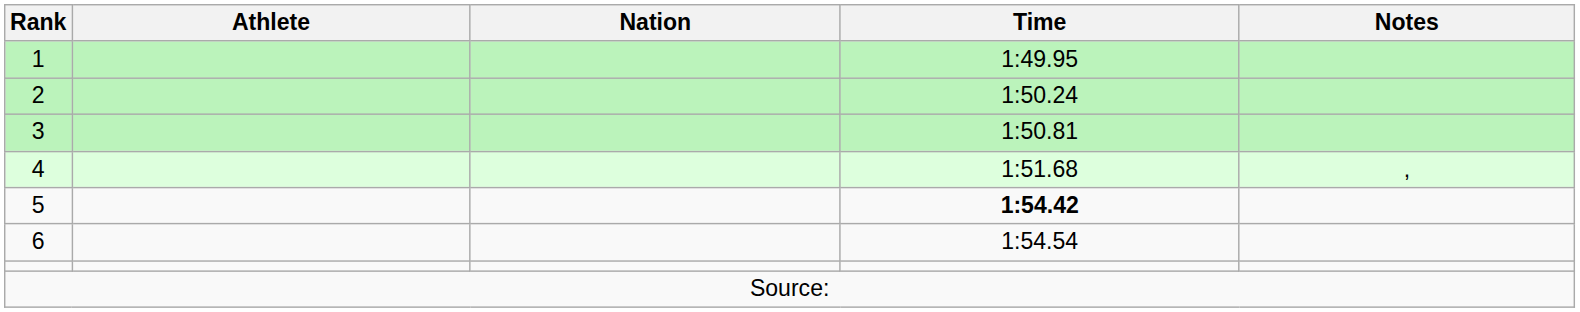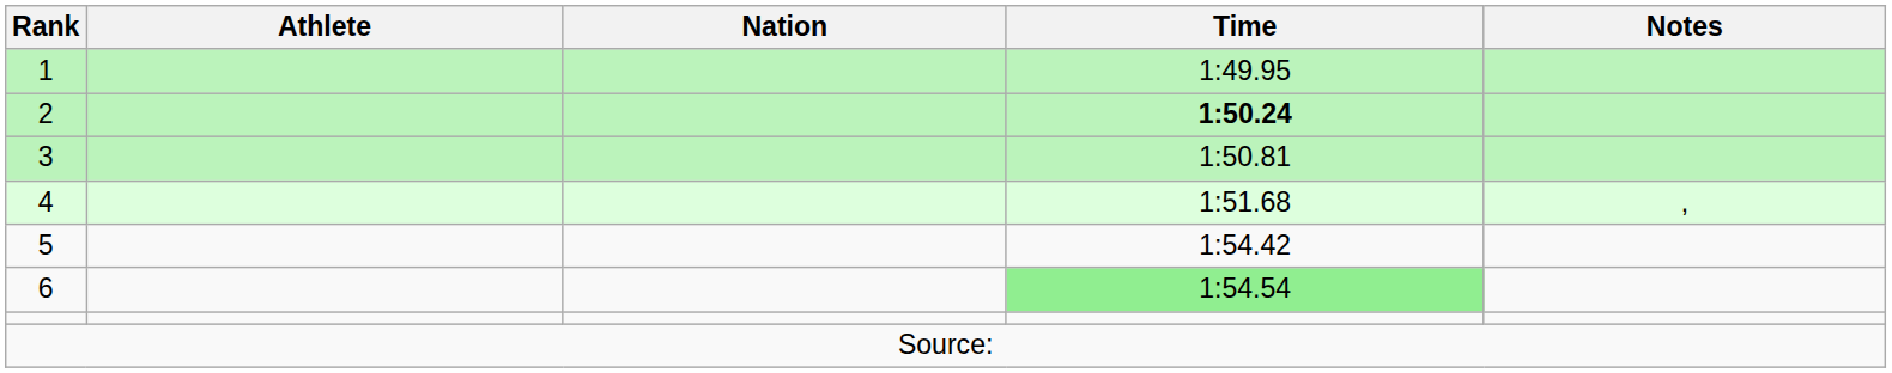 <table class="wikitable sortable" style="text-align:center;width: 55%;">
 <tr>
 <th scope="col" style="width: 10px;">Rank</th>
 <th scope="col">Athlete</th>
 <th scope="col">Nation</th>
 <th scope="col">Time</th>
 <th scope="col">Notes</th>
 </tr>
 <tr bgcolor=bbf3bb>
 <td>1</td>
 <td align=left></td>
 <td align=left></td>
 <td>1:49.95</td>
 <td></td>
 </tr>
 <tr bgcolor=bbf3bb>
 <td>2</td>
 <td align=left></td>
 <td align=left></td>
-<td>1:50.24</td>
+<td><strong>1:50.24</strong></td>
 <td></td>
 </tr>
 <tr bgcolor=bbf3bb>
 <td>3</td>
 <td align=left></td>
 <td align=left></td>
 <td>1:50.81</td>
 <td></td>
 </tr>
 <tr bgcolor=ddffdd>
 <td>4</td>
 <td align=left></td>
 <td align=left></td>
 <td>1:51.68</td>
 <td>, </td>
 </tr>
 <tr>
 <td>5</td>
 <td align=left></td>
 <td align=left></td>
-<td><strong>1:54.42</strong></td>
+<td>1:54.42</td>
 <td></td>
 </tr>
 <tr>
 <td>6</td>
 <td align=left></td>
 <td align=left></td>
-<td>1:54.54</td>
+<td style="background: lightgreen;">1:54.54</td>
 <td></td>
 </tr>
 <tr>
 <td></td>
 <td align=left></td>
 <td align=left></td>
 <td></td>
 <td></td>
 </tr>
 <tr class="sortbottom">
 <td colspan="5">Source:</td>
 </tr>
 </table>
